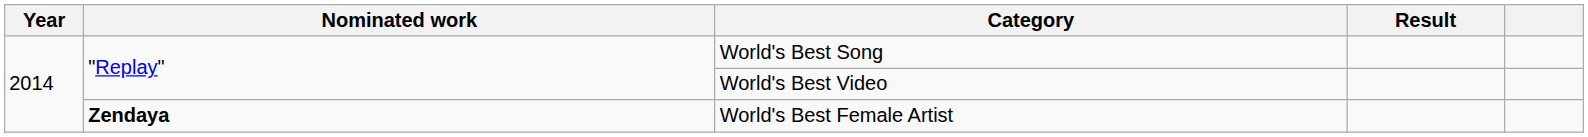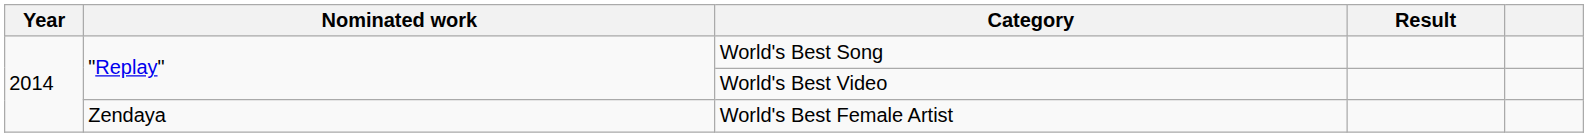 <table class="wikitable plainrowheaders" style="width:100%;">
 <tr>
 <th scope="col" style="width:5%;">Year</th>
 <th scope="col" style="width:40%;">Nominated work</th>
 <th scope="col" style="width:40%;">Category</th>
 <th scope="col" style="width:10%;">Result</th>
 <th scope="col" style="width:5%;"></th>
 </tr>
 <tr>
 <td rowspan="3">2014</td>
 <td rowspan="2">"<a href='#'>Replay</a>"</td>
 <td>World's Best Song</td>
 <td></td>
 <td style="text-align:center;"></td>
 </tr>
 <tr>
 <td>World's Best Video</td>
 <td></td>
 <td style="text-align:center;"></td>
 </tr>
 <tr>
-<td><strong>Zendaya</strong></td>
+<td>Zendaya</td>
 <td>World's Best Female Artist</td>
 <td></td>
 <td style="text-align:center;"></td>
 </tr>
 </table>
